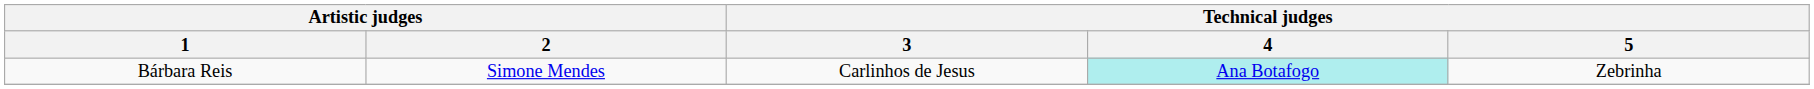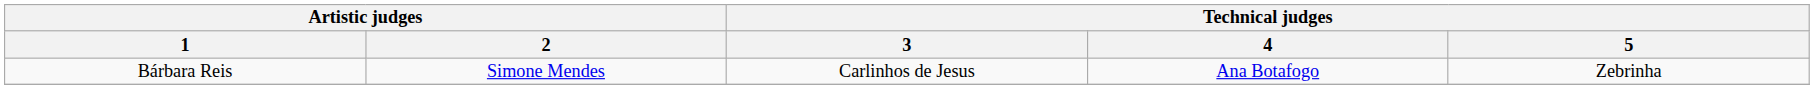 <table class="wikitable" style="font-size:100%; line-height:16px; text-align:center" width="100%">
 <tr>
 <th colspan=2>Artistic judges</th>
 <th colspan=3>Technical judges</th>
 </tr>
 <tr>
 <th width="20.0%">1</th>
 <th width="20.0%">2</th>
 <th width="20.0%">3</th>
 <th width="20.0%">4</th>
 <th width="20.0%">5</th>
 </tr>
 <tr>
 <td>Bárbara Reis</td>
 <td><a href='#'>Simone Mendes</a></td>
 <td>Carlinhos de Jesus</td>
-<td style="background: paleturquoise;"><a href='#'>Ana Botafogo</a></td>
+<td><a href='#'>Ana Botafogo</a></td>
 <td>Zebrinha</td>
 </tr>
 <tr>
 </tr>
 </table>
